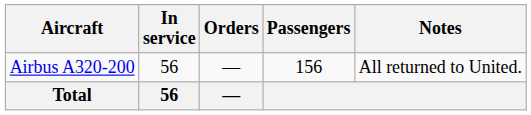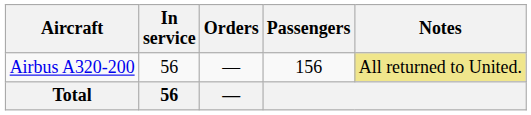 <table class="wikitable" style="margin:0.5em auto; text-align:center">
 <tr>
 <th>Aircraft</th>
 <th>In <br> service</th>
 <th>Orders</th>
 <th>Passengers</th>
 <th>Notes</th>
 </tr>
 <tr>
 <td><a href='#'>Airbus A320-200</a></td>
 <td>56</td>
 <td>—</td>
 <td>156</td>
-<td>All returned to United.</td>
+<td style="background: khaki;">All returned to United.</td>
 </tr>
 <tr>
 <th>Total</th>
 <th>56</th>
 <th>—</th>
 <th colspan=2></th>
 </tr>
 </table>
